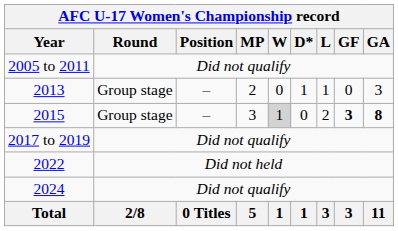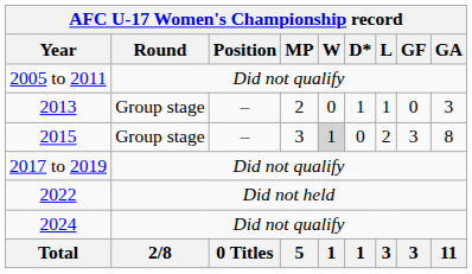 <table class="wikitable" style="text-align: center;">
 <tr>
 <th colspan=10><a href='#'>AFC U-17 Women's Championship</a> record</th>
 </tr>
 <tr>
 <th>Year</th>
 <th>Round</th>
 <th>Position</th>
 <th>MP</th>
 <th>W</th>
 <th>D*</th>
 <th>L</th>
 <th>GF</th>
 <th>GA</th>
 </tr>
 <tr>
 <td> <a href='#'>2005</a> to   <a href='#'>2011</a></td>
 <td colspan=9><em>Did not qualify</em></td>
 </tr>
 <tr>
 <td> <a href='#'>2013</a></td>
 <td>Group stage</td>
 <td>–</td>
 <td>2</td>
 <td>0</td>
 <td>1</td>
 <td>1</td>
 <td>0</td>
 <td>3</td>
 </tr>
 <tr>
 <td> <a href='#'>2015</a></td>
 <td>Group stage</td>
 <td>–</td>
 <td>3</td>
 <td style="background: lightgrey;">1</td>
 <td>0</td>
 <td>2</td>
-<td><strong>3</strong></td>
-<td><strong>8</strong></td>
+<td>3</td>
+<td>8</td>
 </tr>
 <tr>
 <td> <a href='#'>2017</a> to   <a href='#'>2019</a></td>
 <td colspan=9><em>Did not qualify</em></td>
 </tr>
 <tr>
 <td> <a href='#'>2022</a></td>
 <td colspan=9><em>Did not held</em></td>
 </tr>
 <tr>
 <td> <a href='#'>2024</a></td>
 <td colspan=9><em>Did not qualify</em></td>
 </tr>
 <tr>
 <th>Total</th>
 <th>2/8</th>
 <th>0 Titles</th>
 <th>5</th>
 <th>1</th>
 <th>1</th>
 <th>3</th>
 <th>3</th>
 <th>11</th>
 </tr>
 </table>
